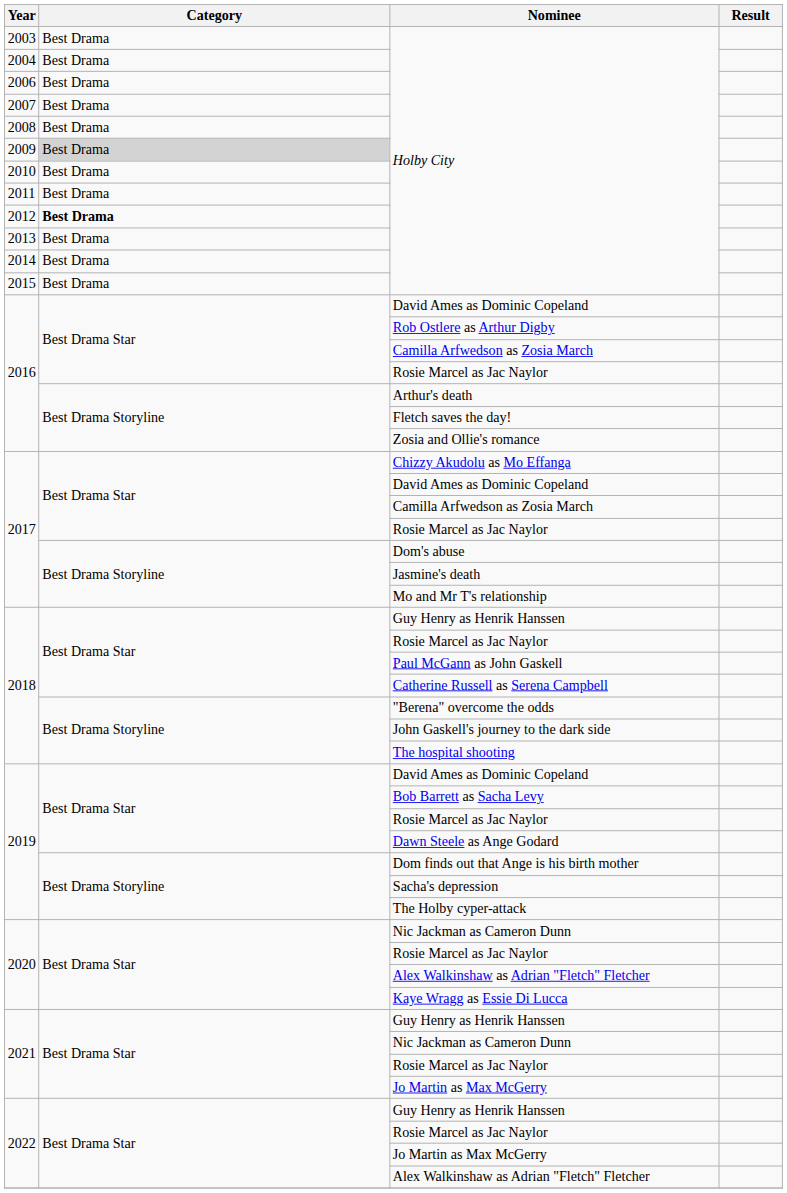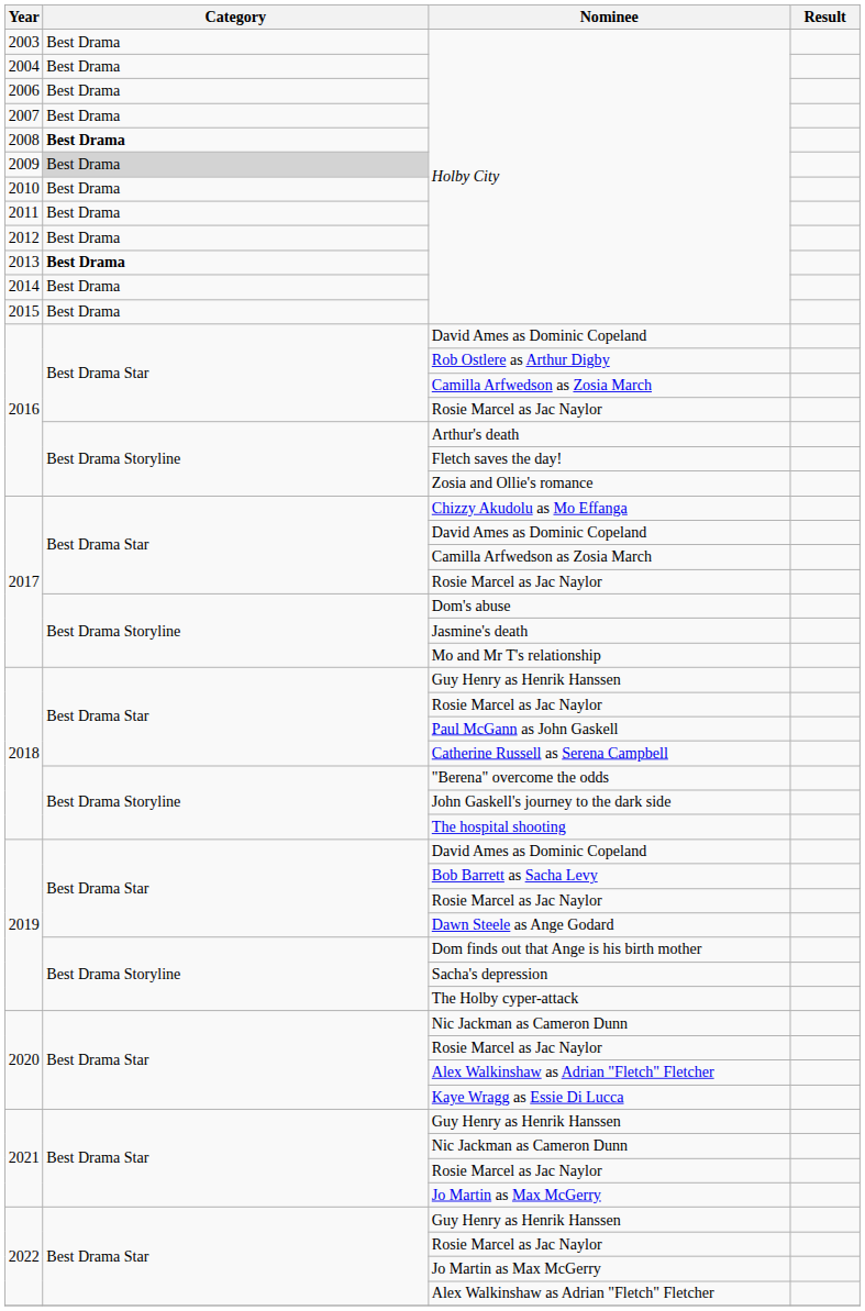 <table class="wikitable" width=70%>
 <tr>
 <th scope="col">Year</th>
 <th width="400" scope="col">Category</th>
 <th width="375" scope="col">Nominee</th>
 <th width="65" scope="col">Result</th>
 </tr>
 <tr>
 <td>2003</td>
 <td scope="row">Best Drama</td>
 <td rowspan="12"><em>Holby City</em></td>
 <td></td>
 </tr>
 <tr>
 <td>2004</td>
 <td scope="row">Best Drama</td>
 <td></td>
 </tr>
 <tr>
 <td>2006</td>
 <td scope="row">Best Drama</td>
 <td></td>
 </tr>
 <tr>
 <td>2007</td>
 <td scope="row">Best Drama</td>
 <td></td>
 </tr>
 <tr>
 <td>2008</td>
-<td scope="row">Best Drama</td>
+<td scope="row"><strong>Best Drama</strong></td>
 <td></td>
 </tr>
 <tr>
 <td>2009</td>
 <td scope="row" style="background: lightgrey;">Best Drama</td>
 <td></td>
 </tr>
 <tr>
 <td>2010</td>
 <td scope="row">Best Drama</td>
 <td></td>
 </tr>
 <tr>
 <td>2011</td>
 <td scope="row">Best Drama</td>
 <td></td>
 </tr>
 <tr>
 <td>2012</td>
-<td scope="row"><strong>Best Drama</strong></td>
+<td scope="row">Best Drama</td>
 <td></td>
 </tr>
 <tr>
 <td>2013</td>
-<td scope="row">Best Drama</td>
+<td scope="row"><strong>Best Drama</strong></td>
 <td></td>
 </tr>
 <tr>
 <td>2014</td>
 <td scope="row">Best Drama</td>
 <td></td>
 </tr>
 <tr>
 <td>2015</td>
 <td scope="row">Best Drama</td>
 <td></td>
 </tr>
 <tr>
 <td rowspan="7">2016</td>
 <td rowspan="4" scope="row">Best Drama Star</td>
 <td>David Ames as Dominic Copeland</td>
 <td></td>
 </tr>
 <tr>
 <td><a href='#'>Rob Ostlere</a> as <a href='#'>Arthur Digby</a></td>
 <td></td>
 </tr>
 <tr>
 <td><a href='#'>Camilla Arfwedson</a> as <a href='#'>Zosia March</a></td>
 <td></td>
 </tr>
 <tr>
 <td>Rosie Marcel as Jac Naylor</td>
 <td></td>
 </tr>
 <tr>
 <td rowspan="3" scope="row">Best Drama Storyline</td>
 <td>Arthur's death</td>
 <td></td>
 </tr>
 <tr>
 <td>Fletch saves the day!</td>
 <td></td>
 </tr>
 <tr>
 <td>Zosia and Ollie's romance</td>
 <td></td>
 </tr>
 <tr>
 <td rowspan="7">2017</td>
 <td rowspan="4" scope="row">Best Drama Star</td>
 <td><a href='#'>Chizzy Akudolu</a> as <a href='#'>Mo Effanga</a></td>
 <td></td>
 </tr>
 <tr>
 <td>David Ames as Dominic Copeland</td>
 <td></td>
 </tr>
 <tr>
 <td>Camilla Arfwedson as Zosia March</td>
 <td></td>
 </tr>
 <tr>
 <td>Rosie Marcel as Jac Naylor</td>
 <td></td>
 </tr>
 <tr>
 <td rowspan="3" scope="row">Best Drama Storyline</td>
 <td>Dom's abuse</td>
 <td></td>
 </tr>
 <tr>
 <td>Jasmine's death</td>
 <td></td>
 </tr>
 <tr>
 <td>Mo and Mr T's relationship</td>
 <td></td>
 </tr>
 <tr>
 <td rowspan="7">2018</td>
 <td rowspan="4" scope="row">Best Drama Star</td>
 <td>Guy Henry as Henrik Hanssen</td>
 <td></td>
 </tr>
 <tr>
 <td>Rosie Marcel as Jac Naylor</td>
 <td></td>
 </tr>
 <tr>
 <td><a href='#'>Paul McGann</a> as John Gaskell</td>
 <td></td>
 </tr>
 <tr>
 <td><a href='#'>Catherine Russell</a> as <a href='#'>Serena Campbell</a></td>
 <td></td>
 </tr>
 <tr>
 <td rowspan="3" scope="row">Best Drama Storyline</td>
 <td>"Berena" overcome the odds</td>
 <td></td>
 </tr>
 <tr>
 <td>John Gaskell's journey to the dark side</td>
 <td></td>
 </tr>
 <tr>
 <td><a href='#'>The hospital shooting</a></td>
 <td></td>
 </tr>
 <tr>
 <td rowspan="7">2019</td>
 <td rowspan="4" scope="row">Best Drama Star</td>
 <td>David Ames as Dominic Copeland</td>
 <td></td>
 </tr>
 <tr>
 <td><a href='#'>Bob Barrett</a> as <a href='#'>Sacha Levy</a></td>
 <td></td>
 </tr>
 <tr>
 <td>Rosie Marcel as Jac Naylor</td>
 <td></td>
 </tr>
 <tr>
 <td><a href='#'>Dawn Steele</a> as Ange Godard</td>
 <td></td>
 </tr>
 <tr>
 <td rowspan="3" scope="row">Best Drama Storyline</td>
 <td>Dom finds out that Ange is his birth mother</td>
 <td></td>
 </tr>
 <tr>
 <td>Sacha's depression</td>
 <td></td>
 </tr>
 <tr>
 <td>The Holby cyper-attack</td>
 <td></td>
 </tr>
 <tr>
 <td rowspan="4">2020</td>
 <td rowspan="4" scope="row">Best Drama Star</td>
 <td>Nic Jackman as Cameron Dunn</td>
 <td></td>
 </tr>
 <tr>
 <td>Rosie Marcel as Jac Naylor</td>
 <td></td>
 </tr>
 <tr>
 <td><a href='#'>Alex Walkinshaw</a> as <a href='#'>Adrian "Fletch" Fletcher</a></td>
 <td></td>
 </tr>
 <tr>
 <td><a href='#'>Kaye Wragg</a> as <a href='#'>Essie Di Lucca</a></td>
 <td></td>
 </tr>
 <tr>
 <td rowspan="4">2021</td>
 <td rowspan="4" scope="row">Best Drama Star</td>
 <td>Guy Henry as Henrik Hanssen</td>
 <td></td>
 </tr>
 <tr>
 <td>Nic Jackman as Cameron Dunn</td>
 <td></td>
 </tr>
 <tr>
 <td>Rosie Marcel as Jac Naylor</td>
 <td></td>
 </tr>
 <tr>
 <td><a href='#'>Jo Martin</a> as <a href='#'>Max McGerry</a></td>
 <td></td>
 </tr>
 <tr>
 <td rowspan="4">2022</td>
 <td rowspan="4" scope="row">Best Drama Star</td>
 <td>Guy Henry as Henrik Hanssen</td>
 <td></td>
 </tr>
 <tr>
 <td>Rosie Marcel as Jac Naylor</td>
 <td></td>
 </tr>
 <tr>
 <td>Jo Martin as Max McGerry</td>
 <td></td>
 </tr>
 <tr>
 <td>Alex Walkinshaw as Adrian "Fletch" Fletcher</td>
 <td></td>
 </tr>
 <tr>
 </tr>
 </table>
